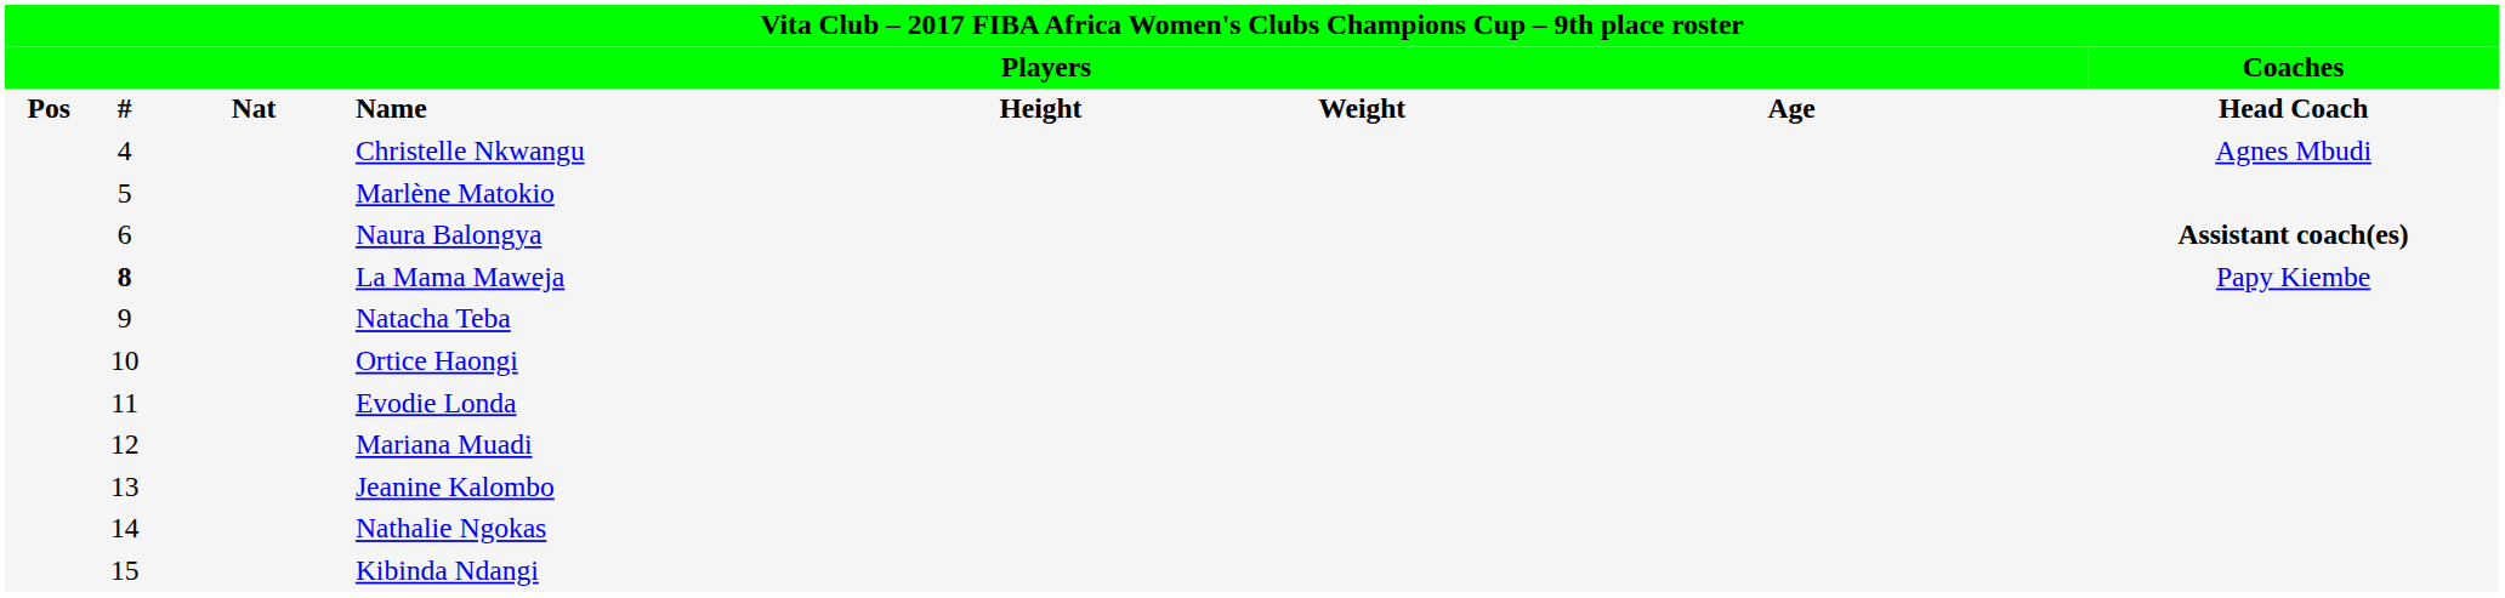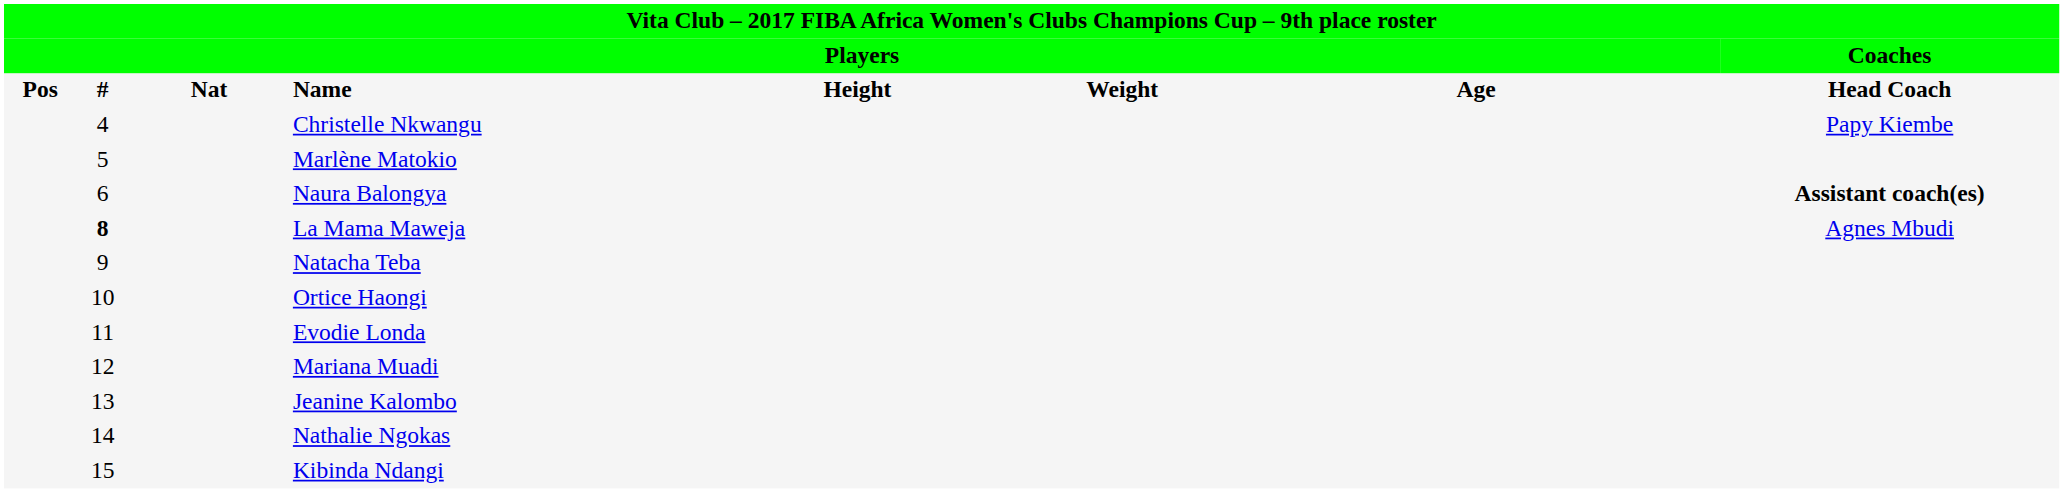 <table border=0 cellpadding=2 cellspacing=0  |- bgcolor=#f5f5f5 style="text-align:center; font-size:85%;" width=75%>
 <tr>
 <td colspan="8" style="background: #00ff00; color: black"><strong>Vita Club – 2017 FIBA Africa Women's Clubs Champions Cup – 9th place roster</strong></td>
 </tr>
 <tr>
 <td colspan="7" style="background: #00ff00; color: black"><strong>Players</strong></td>
 <td style="background: #00ff00; #00ff00: black"><strong>Coaches</strong></td>
 </tr>
 <tr style="background=#f5f5f5; color: black">
 <th width=5px>Pos</th>
 <th width=5px>#</th>
 <th width=50px>Nat</th>
 <th width=135px align=left>Name</th>
 <th width=100px>Height</th>
 <th width=70px>Weight</th>
 <th width=160px>Age</th>
 <th width=110px>Head Coach</th>
 </tr>
 <tr>
 <td></td>
 <td>4</td>
 <td></td>
 <td align=left><a href='#'>Christelle Nkwangu</a></td>
 <td></td>
 <td></td>
 <td><span></span></td>
-<td> <a href='#'>Agnes Mbudi</a></td>
+<td> <a href='#'>Papy Kiembe</a></td>
 </tr>
 <tr>
 <td></td>
 <td>5</td>
 <td></td>
 <td align=left><a href='#'>Marlène Matokio</a></td>
 <td></td>
 <td></td>
 <td><span></span></td>
 </tr>
 <tr>
 <td></td>
 <td>6</td>
 <td></td>
 <td align=left><a href='#'>Naura Balongya</a></td>
 <td></td>
 <td></td>
 <td><span></span></td>
 <td><strong>Assistant coach(es)</strong></td>
 </tr>
 <tr>
 <td></td>
 <td><strong>8</strong></td>
 <td></td>
 <td align=left><a href='#'>La Mama Maweja</a></td>
 <td></td>
 <td></td>
 <td><span></span></td>
-<td> <a href='#'>Papy Kiembe</a></td>
+<td> <a href='#'>Agnes Mbudi</a></td>
 </tr>
 <tr>
 <td></td>
 <td>9</td>
 <td></td>
 <td align=left><a href='#'>Natacha Teba</a></td>
 <td></td>
 <td></td>
 <td><span></span></td>
 </tr>
 <tr>
 <td></td>
 <td>10</td>
 <td></td>
 <td align=left><a href='#'>Ortice Haongi</a></td>
 <td></td>
 <td></td>
 <td><span></span></td>
 </tr>
 <tr>
 <td></td>
 <td>11</td>
 <td></td>
 <td align=left><a href='#'>Evodie Londa</a></td>
 <td></td>
 <td></td>
 <td><span></span></td>
 </tr>
 <tr>
 <td></td>
 <td>12</td>
 <td></td>
 <td align=left><a href='#'>Mariana Muadi</a></td>
 <td></td>
 <td></td>
 <td><span></span></td>
 </tr>
 <tr>
 <td></td>
 <td>13</td>
 <td></td>
 <td align=left><a href='#'>Jeanine Kalombo</a></td>
 <td></td>
 <td></td>
 <td><span></span></td>
 </tr>
 <tr>
 <td></td>
 <td>14</td>
 <td></td>
 <td align=left><a href='#'>Nathalie Ngokas</a></td>
 <td></td>
 <td></td>
 <td><span></span></td>
 </tr>
 <tr>
 <td></td>
 <td>15</td>
 <td></td>
 <td align=left><a href='#'>Kibinda Ndangi</a></td>
 <td></td>
 <td></td>
 <td><span></span></td>
 </tr>
 </table>
